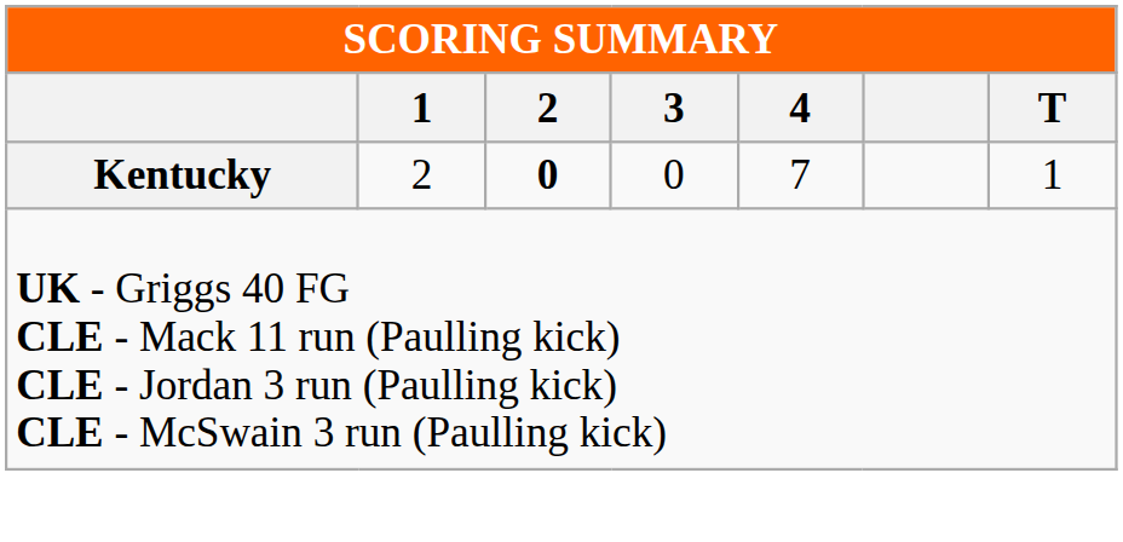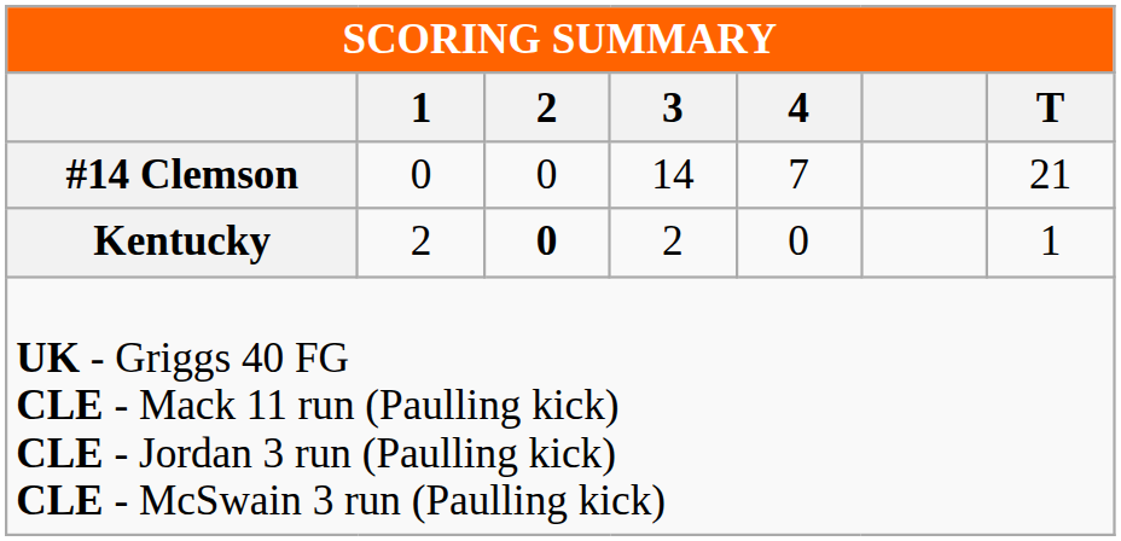 <table class="wikitable" style="text-align:center">
 <tr style="background:#FF6300; color:white">
 <td colspan="7" align="center"><strong>SCORING SUMMARY</strong></td>
 </tr>
 <tr>
 <th width="125"> </th>
 <th width="40">1</th>
 <th width="40">2</th>
 <th width="40">3</th>
 <th width="40">4</th>
 <th width="40"> </th>
 <th width="40">T</th>
 </tr>
 <tr>
+<th>#14 Clemson</th>
+<td>0</td>
+<td>0</td>
+<td>14</td>
+<td>7</td>
+<td></td>
+<td>21</td>
+</tr>
+<tr>
 <th>Kentucky</th>
 <td>2</td>
 <td><strong>0</strong></td>
+<td>2</td>
 <td>0</td>
-<td>7</td>
 <td></td>
 <td>1</td>
 </tr>
 <tr>
 <td colspan="7" align="left"><br><strong>UK</strong> - Griggs 40 FG<br> <strong>CLE</strong> - Mack 11 run (Paulling kick)<br> <strong>CLE</strong> - Jordan 3 run (Paulling kick)<br> <strong>CLE</strong> - McSwain 3 run (Paulling kick)</td>
 </tr>
 </table>
